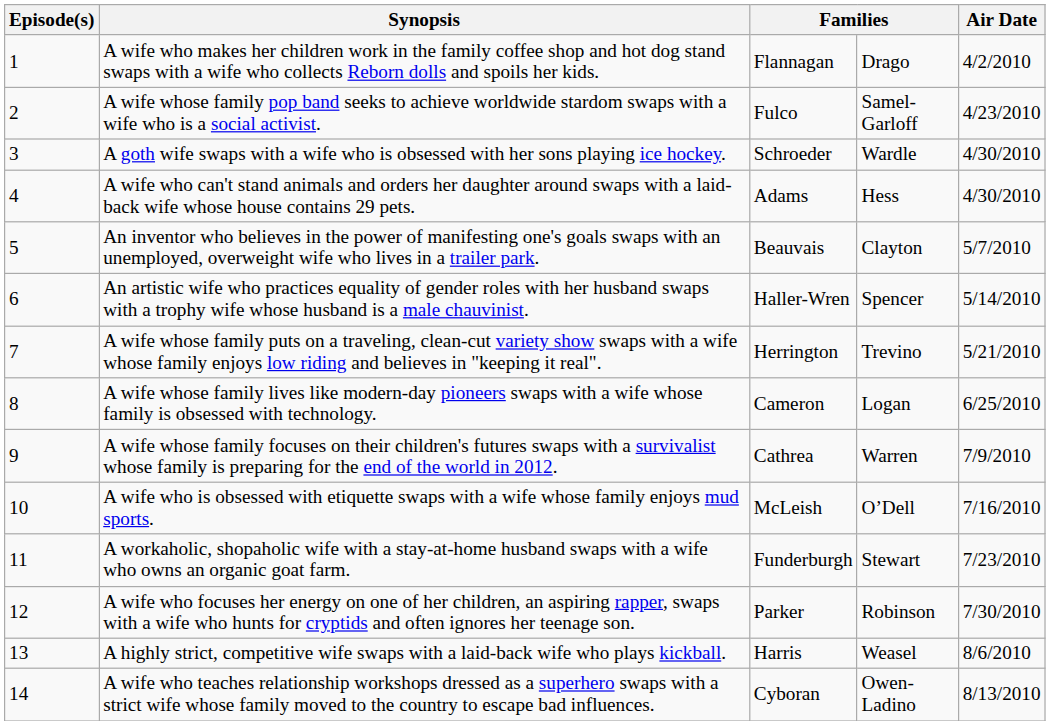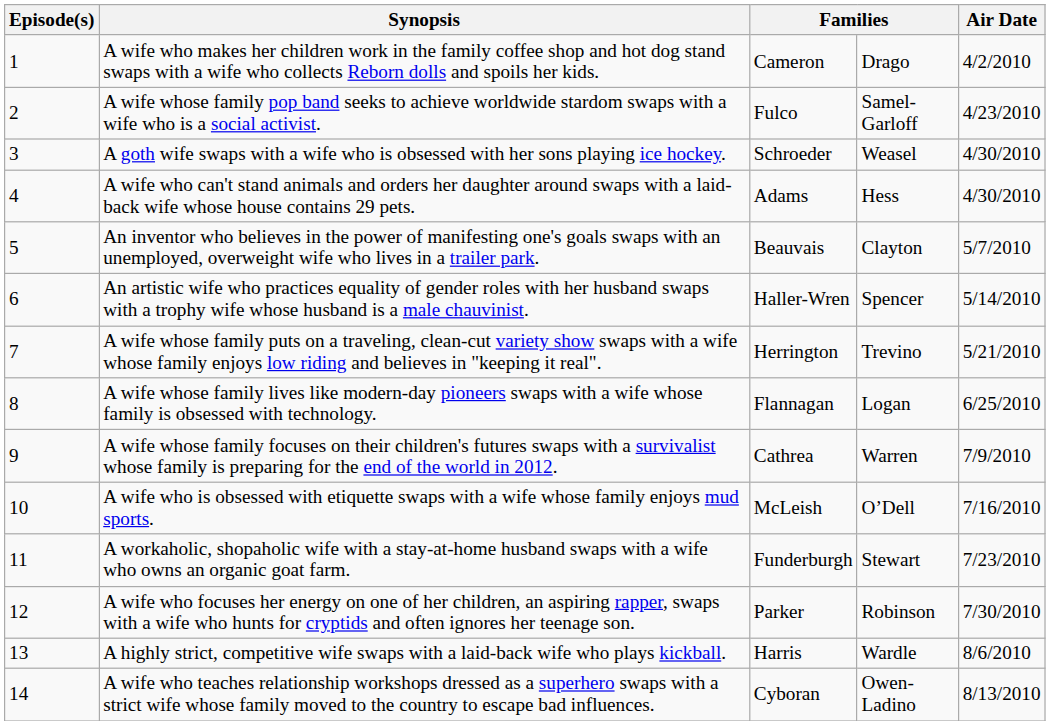 <table class="wikitable">
 <tr>
 <th>Episode(s)</th>
 <th>Synopsis</th>
 <th colspan="2">Families</th>
 <th>Air Date</th>
 </tr>
 <tr>
 <td>1</td>
 <td>A wife who makes her children work in the family coffee shop and hot dog stand swaps with a wife who collects <a href='#'>Reborn dolls</a> and spoils her kids.</td>
-<td>Flannagan</td>
+<td>Cameron</td>
 <td>Drago</td>
 <td>4/2/2010</td>
 </tr>
 <tr>
 <td>2</td>
 <td>A wife whose family <a href='#'>pop band</a> seeks to achieve worldwide stardom swaps with a wife who is a <a href='#'>social activist</a>.</td>
 <td>Fulco</td>
 <td>Samel-Garloff</td>
 <td>4/23/2010</td>
 </tr>
 <tr>
 <td>3</td>
 <td>A <a href='#'>goth</a> wife swaps with a wife who is obsessed with her sons playing <a href='#'>ice hockey</a>.</td>
 <td>Schroeder</td>
-<td>Wardle</td>
+<td>Weasel</td>
 <td>4/30/2010</td>
 </tr>
 <tr>
 <td>4</td>
 <td>A wife who can't stand animals and orders her daughter around swaps with a laid-back wife whose house contains 29 pets.</td>
 <td>Adams</td>
 <td>Hess</td>
 <td>4/30/2010</td>
 </tr>
 <tr>
 <td>5</td>
 <td>An inventor who believes in the power of manifesting one's goals swaps with an unemployed, overweight wife who lives in a <a href='#'>trailer park</a>.</td>
 <td>Beauvais</td>
 <td>Clayton</td>
 <td>5/7/2010</td>
 </tr>
 <tr>
 <td>6</td>
 <td>An artistic wife who practices equality of gender roles with her husband swaps with a trophy wife whose husband is a <a href='#'>male chauvinist</a>.</td>
 <td>Haller-Wren</td>
 <td>Spencer</td>
 <td>5/14/2010</td>
 </tr>
 <tr>
 <td>7</td>
 <td>A wife whose family puts on a traveling, clean-cut <a href='#'>variety show</a> swaps with a wife whose family enjoys <a href='#'>low riding</a> and believes in "keeping it real".</td>
 <td>Herrington</td>
 <td>Trevino</td>
 <td>5/21/2010</td>
 </tr>
 <tr>
 <td>8</td>
 <td>A wife whose family lives like modern-day <a href='#'>pioneers</a> swaps with a wife whose family is obsessed with technology.</td>
-<td>Cameron</td>
+<td>Flannagan</td>
 <td>Logan</td>
 <td>6/25/2010</td>
 </tr>
 <tr>
 <td>9</td>
 <td>A wife whose family focuses on their children's futures swaps with a <a href='#'>survivalist</a> whose family is preparing for the <a href='#'>end of the world in 2012</a>.</td>
 <td>Cathrea</td>
 <td>Warren</td>
 <td>7/9/2010</td>
 </tr>
 <tr>
 <td>10</td>
 <td>A wife who is obsessed with etiquette swaps with a wife whose family enjoys <a href='#'>mud sports</a>.</td>
 <td>McLeish</td>
 <td>O’Dell</td>
 <td>7/16/2010</td>
 </tr>
 <tr>
 <td>11</td>
 <td>A workaholic, shopaholic wife with a stay-at-home husband swaps with a wife who owns an organic goat farm.</td>
 <td>Funderburgh</td>
 <td>Stewart</td>
 <td>7/23/2010</td>
 </tr>
 <tr>
 <td>12</td>
 <td>A wife who focuses her energy on one of her children, an aspiring <a href='#'>rapper</a>, swaps with a wife who hunts for <a href='#'>cryptids</a> and often ignores her teenage son.</td>
 <td>Parker</td>
 <td>Robinson</td>
 <td>7/30/2010</td>
 </tr>
 <tr>
 <td>13</td>
 <td>A highly strict, competitive wife swaps with a laid-back wife who plays <a href='#'>kickball</a>.</td>
 <td>Harris</td>
-<td>Weasel</td>
+<td>Wardle</td>
 <td>8/6/2010</td>
 </tr>
 <tr>
 <td>14</td>
 <td>A wife who teaches relationship workshops dressed as a <a href='#'>superhero</a> swaps with a strict wife whose family moved to the country to escape bad influences.</td>
 <td>Cyboran</td>
 <td>Owen-Ladino</td>
 <td>8/13/2010</td>
 </tr>
 </table>
